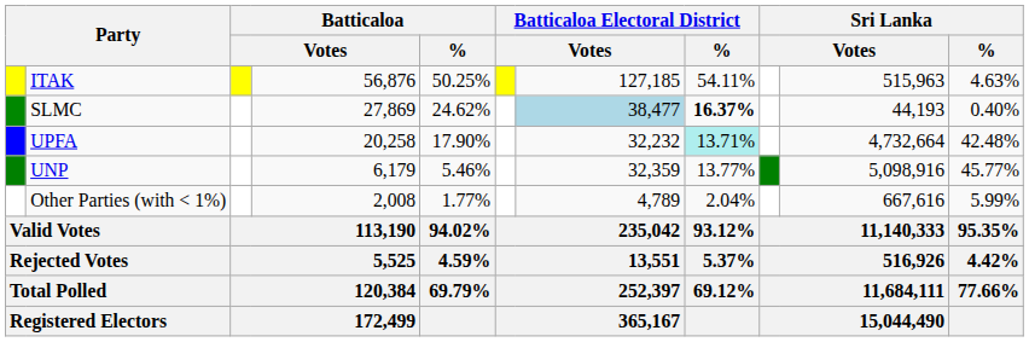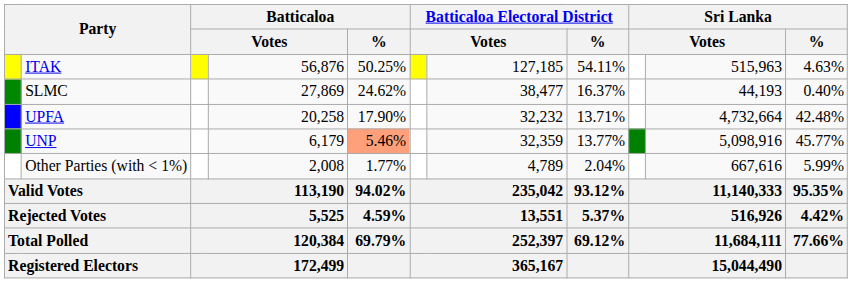 <table class="wikitable">
 <tr>
 <th colspan="2" width="144px"rowspan="2">Party</th>
 <th colspan="3" width="216px">Batticaloa</th>
 <th colspan="3" width="216px"><a href='#'>Batticaloa Electoral District</a></th>
 <th colspan="3" width="216px">Sri Lanka</th>
 </tr>
 <tr>
 <th colspan="2" width="144px">Votes</th>
 <th>%</th>
 <th colspan="2" width="144px">Votes</th>
 <th>%</th>
 <th colspan="2" width="144px">Votes</th>
 <th>%</th>
 </tr>
 <tr>
 <td style="background-color:yellow;" width="10px"></td>
 <td style="text-align:left;"><a href='#'>ITAK</a></td>
 <td style="background-color:yellow;" width="10px"></td>
 <td style="text-align:right;">56,876</td>
 <td style="text-align:right;">50.25%</td>
 <td style="background-color:yellow;" width="10px"></td>
 <td style="text-align:right;">127,185</td>
 <td style="text-align:right;">54.11%</td>
 <td style="background-color:white;" width="10px"></td>
 <td style="text-align:right;">515,963</td>
 <td style="text-align:right;">4.63%</td>
 </tr>
 <tr>
 <td style="background-color:#008800;" width="10px"></td>
 <td style="text-align:left;">SLMC</td>
 <td style="background-color:white;" width="10px"></td>
 <td style="text-align:right;">27,869</td>
 <td style="text-align:right;">24.62%</td>
 <td style="background-color:white;" width="10px"></td>
-<td style="background: lightblue; text-align:right;">38,477</td>
-<td style="text-align:right;"><strong>16.37%</strong></td>
+<td style="text-align:right;">38,477</td>
+<td style="text-align:right;">16.37%</td>
 <td style="background-color:white;" width="10px"></td>
 <td style="text-align:right;">44,193</td>
 <td style="text-align:right;">0.40%</td>
 </tr>
 <tr>
 <td style="background-color:blue;" width="10px"></td>
 <td style="text-align:left;"><a href='#'>UPFA</a></td>
 <td style="background-color:white;" width="10px"></td>
 <td style="text-align:right;">20,258</td>
 <td style="text-align:right;">17.90%</td>
 <td style="background-color:white;" width="10px"></td>
 <td style="text-align:right;">32,232</td>
-<td style="background: paleturquoise; text-align:right;">13.71%</td>
+<td style="text-align:right;">13.71%</td>
 <td style="background-color:white;" width="10px"></td>
 <td style="text-align:right;">4,732,664</td>
 <td style="text-align:right;">42.48%</td>
 </tr>
 <tr>
 <td style="background-color:green;" width="10px"></td>
 <td style="text-align:left;"><a href='#'>UNP</a></td>
 <td style="background-color:white;" width="10px"></td>
 <td style="text-align:right;">6,179</td>
-<td style="text-align:right;">5.46%</td>
+<td style="background: lightsalmon; text-align:right;">5.46%</td>
 <td style="background-color:white;" width="10px"></td>
 <td style="text-align:right;">32,359</td>
 <td style="text-align:right;">13.77%</td>
 <td style="background-color:green;" width="10px"></td>
 <td style="text-align:right;">5,098,916</td>
 <td style="text-align:right;">45.77%</td>
 </tr>
 <tr>
 <td style="background-color:white;" width="10px"></td>
 <td style="text-align:left;">Other Parties (with < 1%)</td>
 <td style="background-color:white;" width="10px"></td>
 <td style="text-align:right;">2,008</td>
 <td style="text-align:right;">1.77%</td>
 <td style="background-color:white;" width="10px"></td>
 <td style="text-align:right;">4,789</td>
 <td style="text-align:right;">2.04%</td>
 <td style="background-color:white;" width="10px"></td>
 <td style="text-align:right;">667,616</td>
 <td style="text-align:right;">5.99%</td>
 </tr>
 <tr>
 <th colspan="2" width="144px"style="text-align:left;">Valid Votes</th>
 <th style="text-align:right;"colspan="2" width="144px">113,190</th>
 <th style="text-align:right;">94.02%</th>
 <th style="text-align:right;"colspan="2" width="144px">235,042</th>
 <th style="text-align:right;">93.12%</th>
 <th style="text-align:right;"colspan="2" width="144px">11,140,333</th>
 <th style="text-align:right;">95.35%</th>
 </tr>
 <tr>
 <th colspan="2" width="144px"style="text-align:left;">Rejected Votes</th>
 <th style="text-align:right;"colspan="2" width="144px">5,525</th>
 <th style="text-align:right;">4.59%</th>
 <th style="text-align:right;"colspan="2" width="144px">13,551</th>
 <th style="text-align:right;">5.37%</th>
 <th style="text-align:right;"colspan="2" width="144px">516,926</th>
 <th style="text-align:right;">4.42%</th>
 </tr>
 <tr>
 <th colspan="2" width="144px"style="text-align:left;">Total Polled</th>
 <th style="text-align:right;"colspan="2" width="144px">120,384</th>
 <th style="text-align:right;">69.79%</th>
 <th style="text-align:right;"colspan="2" width="144px">252,397</th>
 <th style="text-align:right;">69.12%</th>
 <th style="text-align:right;"colspan="2" width="144px">11,684,111</th>
 <th style="text-align:right;">77.66%</th>
 </tr>
 <tr>
 <th colspan="2" width="144px"style="text-align:left;">Registered Electors</th>
 <th style="text-align:right;"colspan="2" width="144px">172,499</th>
 <th></th>
 <th style="text-align:right;"colspan="2" width="144px">365,167</th>
 <th></th>
 <th style="text-align:right;"colspan="2" width="144px">15,044,490</th>
 <th></th>
 </tr>
 </table>
